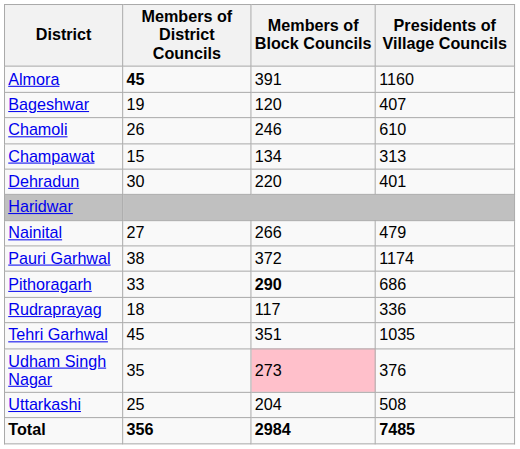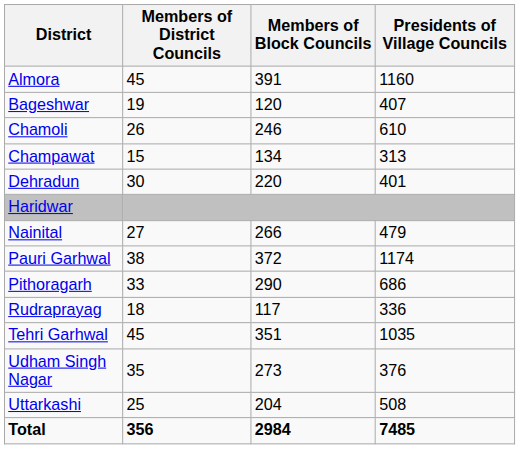 <table width="40%" cellpadding="2" cellspacing="0" border="1" style="border-collapse: collapse; border: 2px black; font-size: x-big; font-family: arial" class="wikitable sortable">
 <tr>
 <th>District</th>
 <th>Members of District Councils</th>
 <th>Members of Block Councils</th>
 <th>Presidents of Village Councils</th>
 </tr>
 <tr>
 <td><a href='#'>Almora</a></td>
-<td><strong>45</strong></td>
+<td>45</td>
 <td>391</td>
 <td>1160</td>
 </tr>
 <tr>
 <td><a href='#'>Bageshwar</a></td>
 <td>19</td>
 <td>120</td>
 <td>407</td>
 </tr>
 <tr>
 <td><a href='#'>Chamoli</a></td>
 <td>26</td>
 <td>246</td>
 <td>610</td>
 </tr>
 <tr>
 <td><a href='#'>Champawat</a></td>
 <td>15</td>
 <td>134</td>
 <td>313</td>
 </tr>
 <tr>
 <td><a href='#'>Dehradun</a></td>
 <td>30</td>
 <td>220</td>
 <td>401</td>
 </tr>
 <tr>
 <td style="background-color:Silver"><a href='#'>Haridwar</a></td>
 <td style="background-color:Silver"; colspan=3></td>
 </tr>
 <tr>
 <td><a href='#'>Nainital</a></td>
 <td>27</td>
 <td>266</td>
 <td>479</td>
 </tr>
 <tr>
 <td><a href='#'>Pauri Garhwal</a></td>
 <td>38</td>
 <td>372</td>
 <td>1174</td>
 </tr>
 <tr>
 <td><a href='#'>Pithoragarh</a></td>
 <td>33</td>
-<td><strong>290</strong></td>
+<td>290</td>
 <td>686</td>
 </tr>
 <tr>
 <td><a href='#'>Rudraprayag</a></td>
 <td>18</td>
 <td>117</td>
 <td>336</td>
 </tr>
 <tr>
 <td><a href='#'>Tehri Garhwal</a></td>
 <td>45</td>
 <td>351</td>
 <td>1035</td>
 </tr>
 <tr>
 <td><a href='#'>Udham Singh Nagar</a></td>
 <td>35</td>
-<td style="background: pink;">273</td>
+<td>273</td>
 <td>376</td>
 </tr>
 <tr>
 <td><a href='#'>Uttarkashi</a></td>
 <td>25</td>
 <td>204</td>
 <td>508</td>
 </tr>
 <tr>
 <td><strong>Total</strong></td>
 <td><strong>356</strong></td>
 <td><strong>2984</strong></td>
 <td><strong>7485</strong></td>
 </tr>
 </table>
